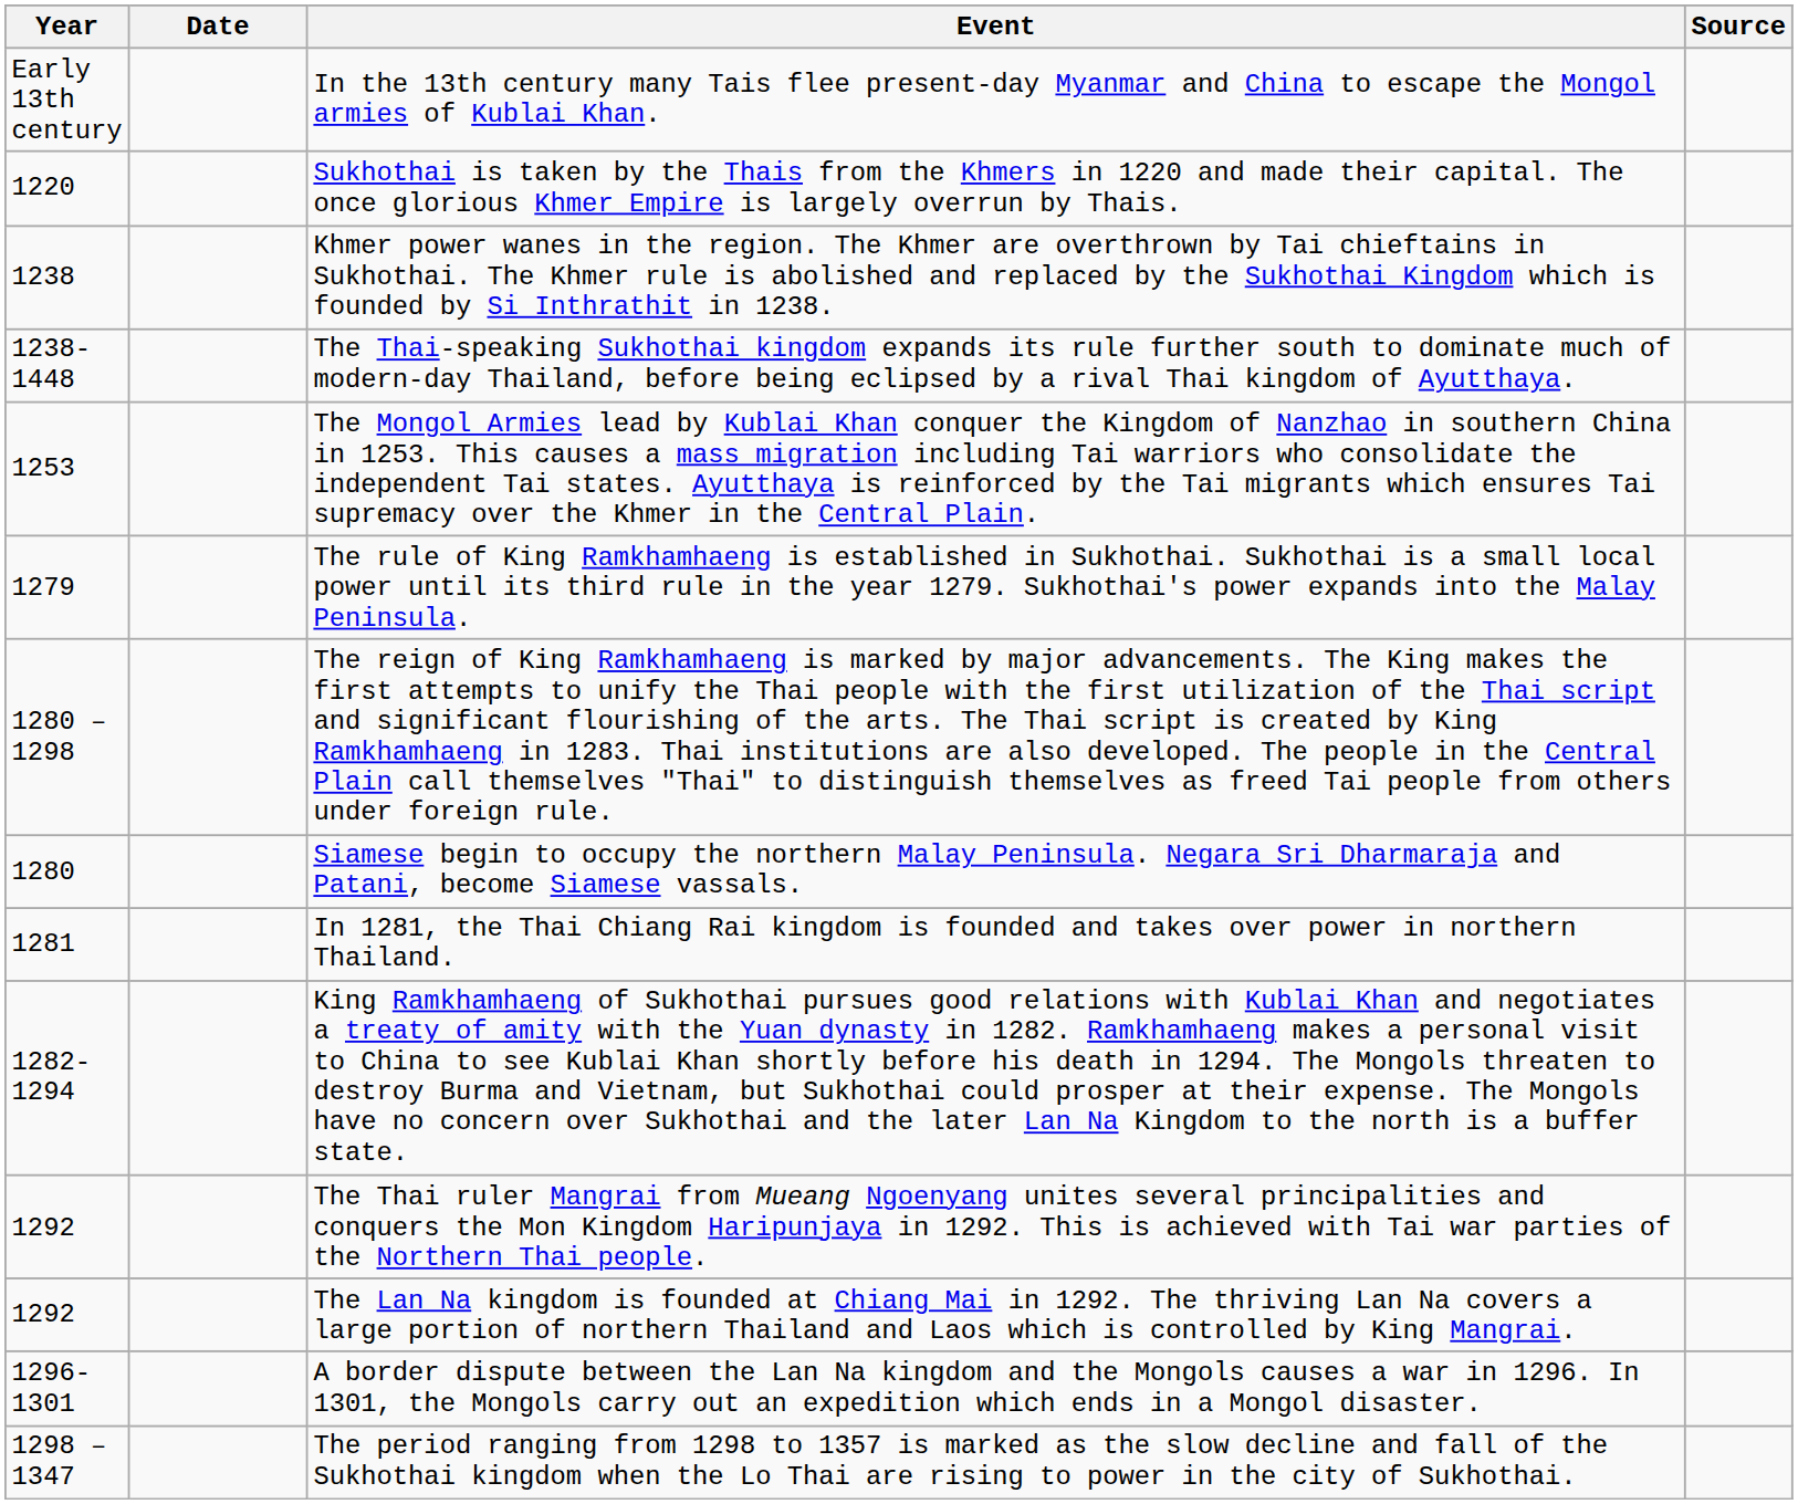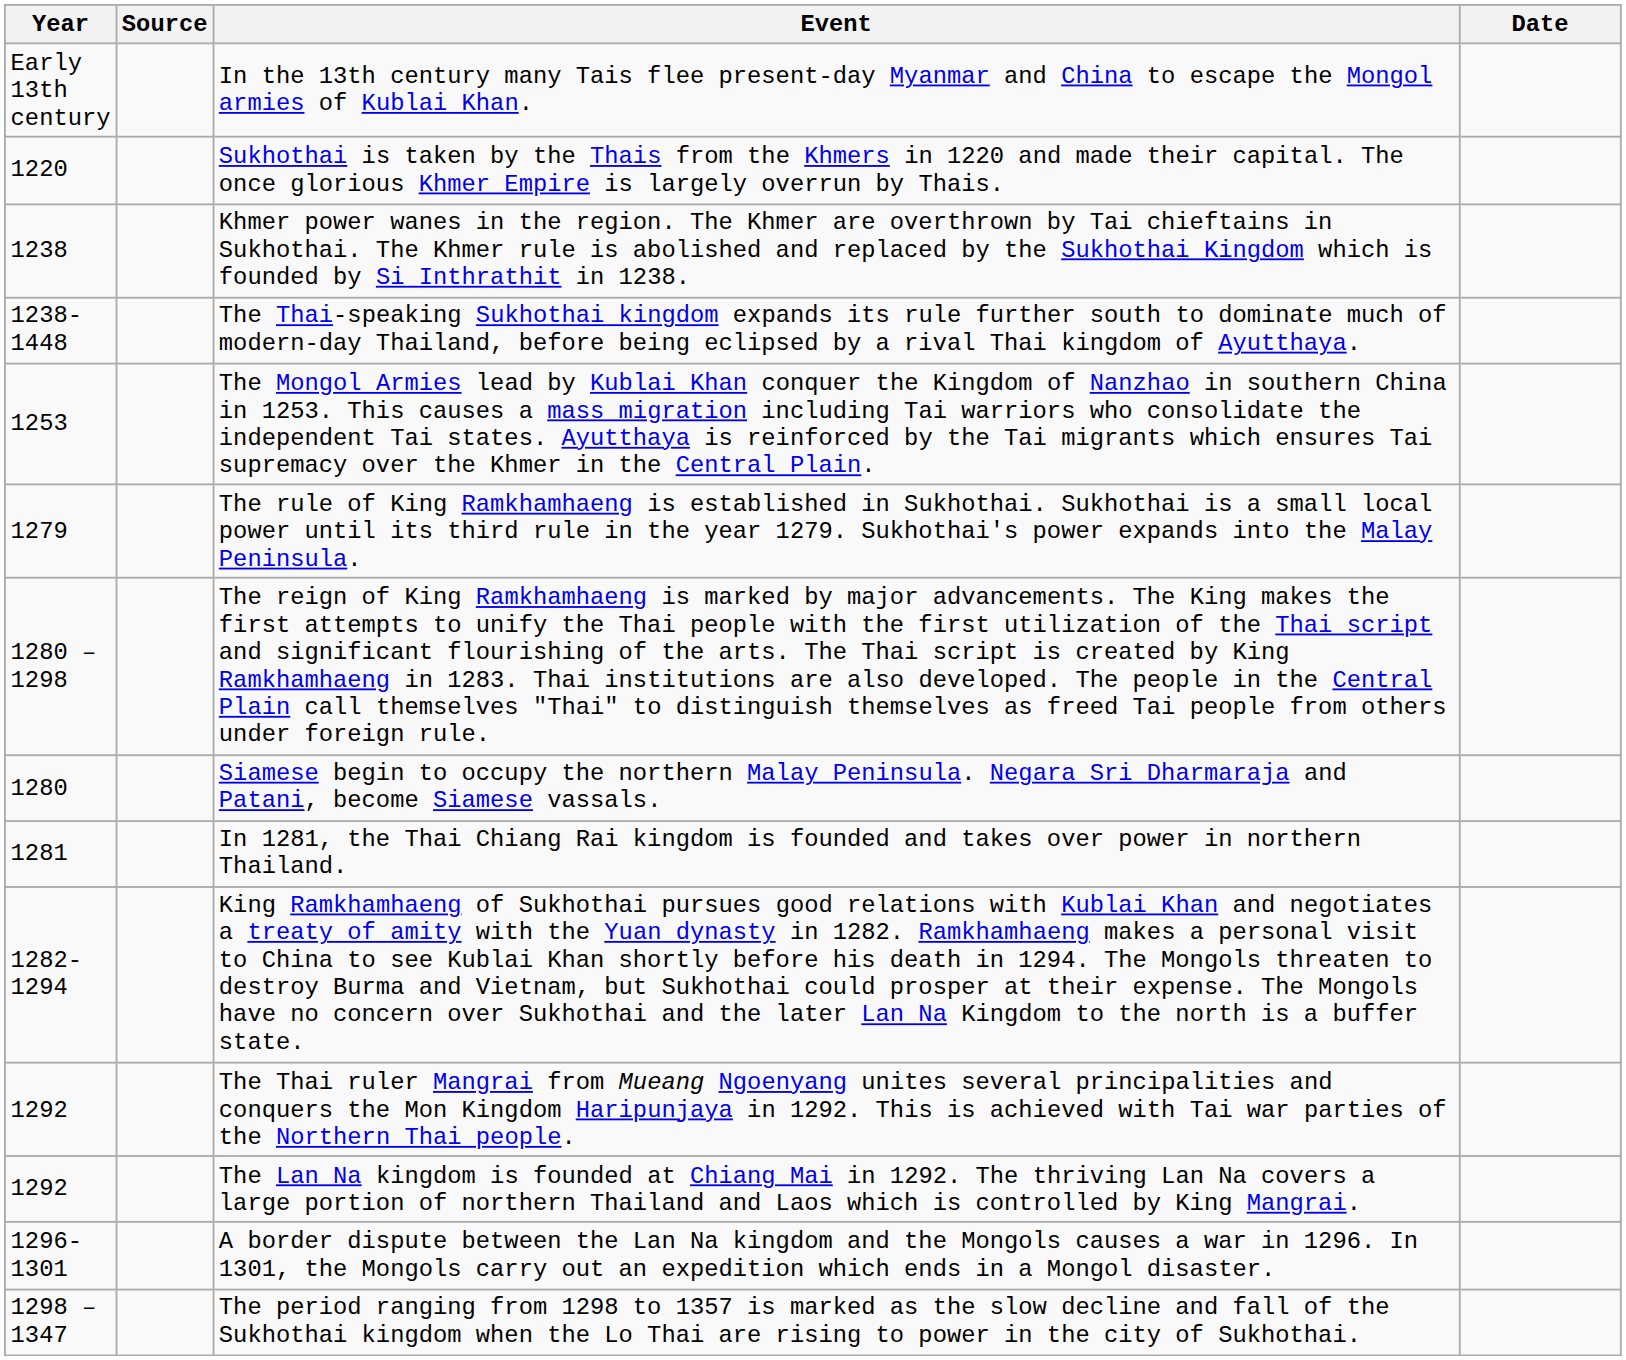 <table class="wikitable" width="100%">
 <tr>
 <th style="width:6%">Year</th>
+<th>Source</th>
+<th>Event</th>
 <th style="width:10%">Date</th>
-<th>Event</th>
-<th>Source</th>
 </tr>
 <tr>
 <td>Early 13th century</td>
 <td></td>
 <td>In the 13th century many Tais flee present-day <a href='#'>Myanmar</a> and <a href='#'>China</a> to escape the <a href='#'>Mongol armies</a> of <a href='#'>Kublai Khan</a>.</td>
 <td></td>
 </tr>
 <tr>
 <td>1220</td>
 <td></td>
 <td><a href='#'>Sukhothai</a> is taken by the <a href='#'>Thais</a> from the <a href='#'>Khmers</a> in 1220 and made their capital. The once glorious <a href='#'>Khmer Empire</a> is largely overrun by Thais.</td>
 <td></td>
 </tr>
 <tr>
 <td>1238</td>
 <td></td>
 <td>Khmer power wanes in the region. The Khmer are overthrown by Tai chieftains in Sukhothai. The Khmer rule is abolished and replaced by the <a href='#'>Sukhothai Kingdom</a> which is founded by <a href='#'>Si Inthrathit</a> in 1238.</td>
 <td></td>
 </tr>
 <tr>
 <td>1238-1448</td>
 <td></td>
 <td>The <a href='#'>Thai</a>-speaking <a href='#'>Sukhothai kingdom</a> expands its rule further south to dominate much of modern-day Thailand, before being eclipsed by a rival Thai kingdom of <a href='#'>Ayutthaya</a>.</td>
 <td></td>
 </tr>
 <tr>
 <td>1253</td>
 <td></td>
 <td>The <a href='#'>Mongol Armies</a> lead by <a href='#'>Kublai Khan</a> conquer the Kingdom of <a href='#'>Nanzhao</a> in southern China in 1253. This causes a <a href='#'>mass migration</a> including Tai warriors who consolidate the independent Tai states. <a href='#'>Ayutthaya</a> is reinforced by the Tai migrants which ensures Tai supremacy over the Khmer in the <a href='#'>Central Plain</a>.</td>
 <td></td>
 </tr>
 <tr>
 <td>1279</td>
 <td></td>
 <td>The rule of King <a href='#'>Ramkhamhaeng</a> is established in Sukhothai. Sukhothai is a small local power until its third rule in the year 1279. Sukhothai's power expands into the <a href='#'>Malay Peninsula</a>.</td>
 <td></td>
 </tr>
 <tr>
 <td>1280 – 1298</td>
 <td></td>
 <td>The reign of King <a href='#'>Ramkhamhaeng</a> is marked by major advancements. The King makes the first attempts to unify the Thai people with the first utilization of the <a href='#'>Thai script</a> and significant flourishing of the arts. The Thai script is created by King <a href='#'>Ramkhamhaeng</a> in 1283. Thai institutions are also developed. The people in the <a href='#'>Central Plain</a> call themselves "Thai" to distinguish themselves as freed Tai people from others under foreign rule.</td>
 <td></td>
 </tr>
 <tr>
 <td>1280</td>
 <td></td>
 <td><a href='#'>Siamese</a> begin to occupy the northern <a href='#'>Malay Peninsula</a>. <a href='#'>Negara Sri Dharmaraja</a> and <a href='#'>Patani</a>, become <a href='#'>Siamese</a> vassals.</td>
 <td></td>
 </tr>
 <tr>
 <td>1281</td>
 <td></td>
 <td>In 1281, the Thai Chiang Rai kingdom is founded and takes over power in northern Thailand.</td>
 <td></td>
 </tr>
 <tr>
 <td>1282-1294</td>
 <td></td>
 <td>King <a href='#'>Ramkhamhaeng</a> of Sukhothai pursues good relations with <a href='#'>Kublai Khan</a> and negotiates a <a href='#'>treaty of amity</a> with the <a href='#'>Yuan dynasty</a> in 1282. <a href='#'>Ramkhamhaeng</a> makes a personal visit to China to see Kublai Khan shortly before his death in 1294. The Mongols threaten to destroy Burma and Vietnam, but Sukhothai could prosper at their expense. The Mongols have no concern over Sukhothai and the later <a href='#'>Lan Na</a> Kingdom to the north is a buffer state.</td>
 <td></td>
 </tr>
 <tr>
 <td>1292</td>
 <td></td>
 <td>The Thai ruler <a href='#'>Mangrai</a> from <em>Mueang</em> <a href='#'>Ngoenyang</a> unites several principalities and conquers the Mon Kingdom <a href='#'>Haripunjaya</a> in 1292. This is achieved with Tai war parties of the <a href='#'>Northern Thai people</a>.</td>
 <td></td>
 </tr>
 <tr>
 <td>1292</td>
 <td></td>
 <td>The <a href='#'>Lan Na</a> kingdom is founded at <a href='#'>Chiang Mai</a> in 1292. The thriving Lan Na covers a large portion of northern Thailand and Laos which is controlled by King <a href='#'>Mangrai</a>.</td>
 <td></td>
 </tr>
 <tr>
 <td>1296-1301</td>
 <td></td>
 <td>A border dispute between the Lan Na kingdom and the Mongols causes a war in 1296. In 1301, the Mongols carry out an expedition which ends in a Mongol disaster.</td>
 <td></td>
 </tr>
 <tr>
 <td>1298 – 1347</td>
 <td></td>
 <td>The period ranging from 1298 to 1357 is marked as the slow decline and fall of the Sukhothai kingdom when the Lo Thai are rising to power in the city of Sukhothai.</td>
 <td></td>
 </tr>
 </table>
